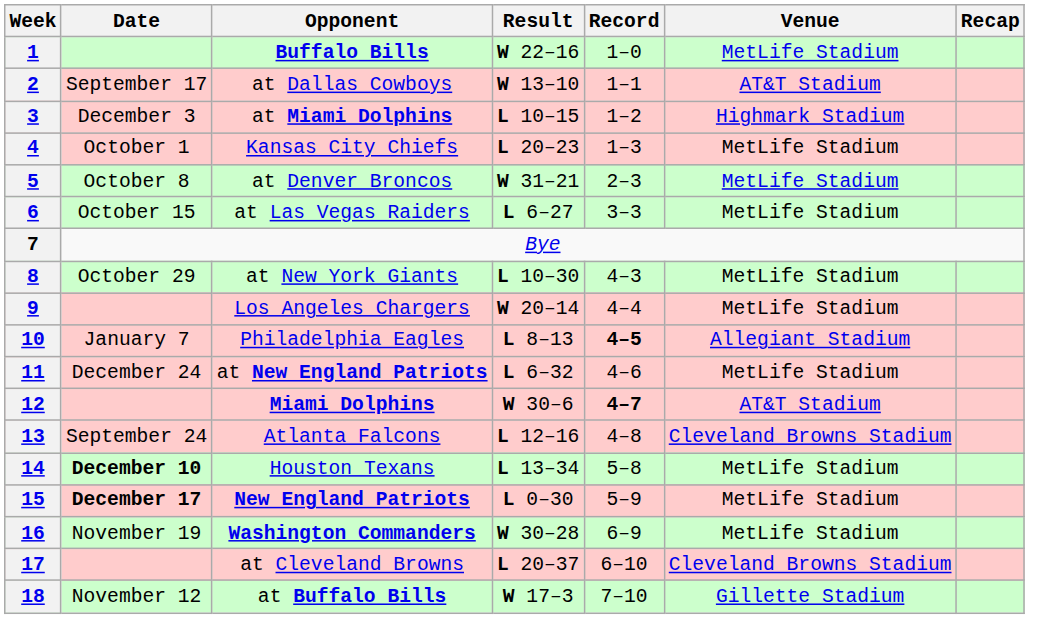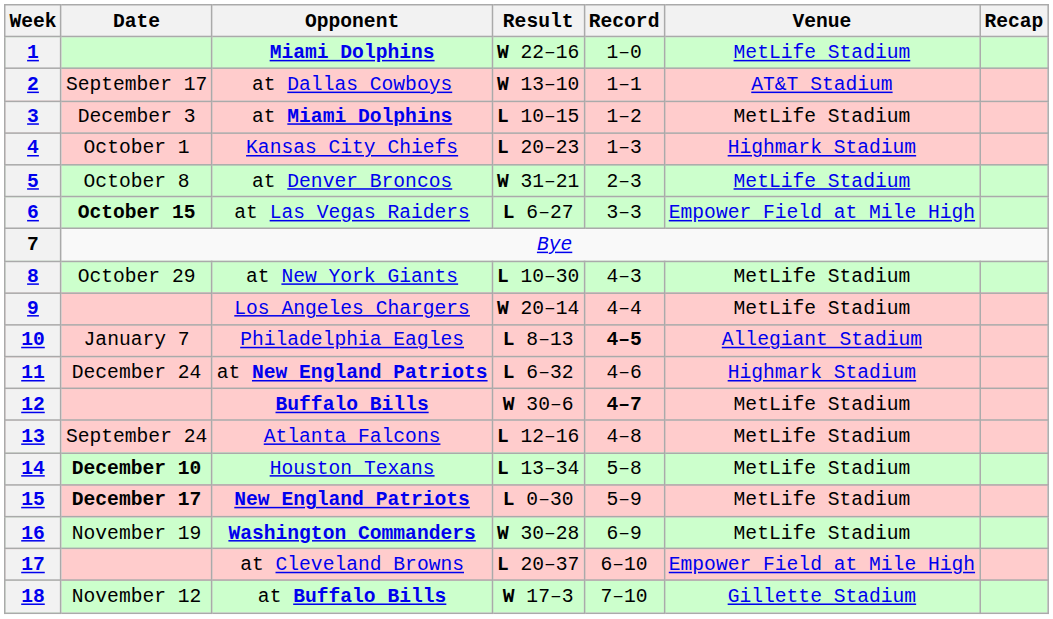 <table class="wikitable" style="text-align:center">
 <tr>
 <th>Week</th>
 <th>Date</th>
 <th>Opponent</th>
 <th>Result</th>
 <th>Record</th>
 <th>Venue</th>
 <th>Recap</th>
 </tr>
 <tr style="background:#cfc">
 <th><a href='#'>1</a></th>
 <td></td>
-<td><strong><a href='#'>Buffalo Bills</a></strong></td>
+<td><strong><a href='#'>Miami Dolphins</a></strong></td>
 <td><strong>W</strong> 22–16 </td>
 <td>1–0</td>
 <td><a href='#'>MetLife Stadium</a></td>
 <td></td>
 </tr>
 <tr style="background:#fcc">
 <th><a href='#'>2</a></th>
 <td>September 17</td>
 <td>at <a href='#'>Dallas Cowboys</a></td>
 <td><strong>W</strong> 13–10 </td>
 <td>1–1</td>
 <td><a href='#'>AT&T Stadium</a></td>
 <td></td>
 </tr>
 <tr style="background:#fcc">
 <th><a href='#'>3</a></th>
 <td>December 3</td>
 <td>at <strong><a href='#'>Miami Dolphins</a></strong></td>
 <td><strong>L</strong> 10–15</td>
 <td>1–2</td>
-<td><a href='#'>Highmark Stadium</a></td>
+<td>MetLife Stadium</td>
 <td></td>
 </tr>
 <tr style="background:#fcc">
 <th><a href='#'>4</a></th>
 <td>October 1</td>
 <td><a href='#'>Kansas City Chiefs</a></td>
 <td><strong>L</strong> 20–23</td>
 <td>1–3</td>
-<td>MetLife Stadium</td>
+<td><a href='#'>Highmark Stadium</a></td>
 <td></td>
 </tr>
 <tr style="background:#cfc">
 <th><a href='#'>5</a></th>
 <td>October 8</td>
 <td>at <a href='#'>Denver Broncos</a></td>
 <td><strong>W</strong> 31–21</td>
 <td>2–3</td>
 <td><a href='#'>MetLife Stadium</a></td>
 <td></td>
 </tr>
 <tr style="background:#cfc">
 <th><a href='#'>6</a></th>
-<td>October 15</td>
+<td><strong>October 15</strong></td>
 <td>at <a href='#'>Las Vegas Raiders</a></td>
 <td><strong>L</strong> 6–27</td>
 <td>3–3</td>
-<td>MetLife Stadium</td>
+<td><a href='#'>Empower Field at Mile High</a></td>
 <td></td>
 </tr>
 <tr>
 <th>7</th>
 <td colspan="6"><em><a href='#'>Bye</a></em></td>
 </tr>
 <tr style="background:#cfc">
 <th><a href='#'>8</a></th>
 <td>October 29</td>
 <td>at <a href='#'>New York Giants</a></td>
 <td><strong>L</strong> 10–30</td>
 <td>4–3</td>
 <td>MetLife Stadium</td>
 <td></td>
 </tr>
 <tr style="background:#fcc">
 <th><a href='#'>9</a></th>
 <td></td>
 <td><a href='#'>Los Angeles Chargers</a></td>
 <td><strong>W</strong> 20–14</td>
 <td>4–4</td>
 <td>MetLife Stadium</td>
 <td></td>
 </tr>
 <tr style="background:#fcc">
 <th><a href='#'>10</a></th>
 <td>January 7</td>
 <td><a href='#'>Philadelphia Eagles</a></td>
 <td><strong>L</strong> 8–13</td>
 <td><strong>4–5</strong></td>
 <td><a href='#'>Allegiant Stadium</a></td>
 <td></td>
 </tr>
 <tr style="background:#fcc">
 <th><a href='#'>11</a></th>
 <td>December 24</td>
 <td>at <strong><a href='#'>New England Patriots</a></strong></td>
 <td><strong>L</strong> 6–32</td>
 <td>4–6</td>
-<td>MetLife Stadium</td>
+<td><a href='#'>Highmark Stadium</a></td>
 <td></td>
 </tr>
 <tr style="background:#fcc">
 <th><a href='#'>12</a></th>
 <td></td>
-<td><strong><a href='#'>Miami Dolphins</a></strong></td>
+<td><strong><a href='#'>Buffalo Bills</a></strong></td>
 <td><strong>W</strong> 30–6</td>
 <td><strong>4–7</strong></td>
-<td><a href='#'>AT&T Stadium</a></td>
+<td>MetLife Stadium</td>
 <td></td>
 </tr>
 <tr style="background:#fcc">
 <th><a href='#'>13</a></th>
 <td>September 24</td>
 <td><a href='#'>Atlanta Falcons</a></td>
 <td><strong>L</strong> 12–16</td>
 <td>4–8</td>
-<td><a href='#'>Cleveland Browns Stadium</a></td>
+<td>MetLife Stadium</td>
 <td></td>
 </tr>
 <tr style="background:#cfc">
 <th><a href='#'>14</a></th>
 <td><strong>December 10</strong></td>
 <td><a href='#'>Houston Texans</a></td>
 <td><strong>L</strong> 13–34</td>
 <td>5–8</td>
 <td>MetLife Stadium</td>
 <td></td>
 </tr>
 <tr style="background:#fcc">
 <th><a href='#'>15</a></th>
 <td><strong>December 17</strong></td>
 <td><strong><a href='#'>New England Patriots</a></strong></td>
 <td><strong>L</strong> 0–30</td>
 <td>5–9</td>
 <td>MetLife Stadium</td>
 <td></td>
 </tr>
 <tr style="background:#cfc">
 <th><a href='#'>16</a></th>
 <td>November 19</td>
 <td><strong><a href='#'>Washington Commanders</a></strong></td>
 <td><strong>W</strong> 30–28</td>
 <td>6–9</td>
 <td>MetLife Stadium</td>
 <td></td>
 </tr>
 <tr style="background:#fcc">
 <th><a href='#'>17</a></th>
 <td></td>
 <td>at <a href='#'>Cleveland Browns</a></td>
 <td><strong>L</strong> 20–37</td>
 <td>6–10</td>
-<td><a href='#'>Cleveland Browns Stadium</a></td>
+<td><a href='#'>Empower Field at Mile High</a></td>
 <td></td>
 </tr>
 <tr style="background:#cfc">
 <th><a href='#'>18</a></th>
 <td>November 12</td>
 <td>at <strong><a href='#'>Buffalo Bills</a></strong></td>
 <td><strong>W</strong> 17–3</td>
 <td>7–10</td>
 <td><a href='#'>Gillette Stadium</a></td>
 <td></td>
 </tr>
 </table>
